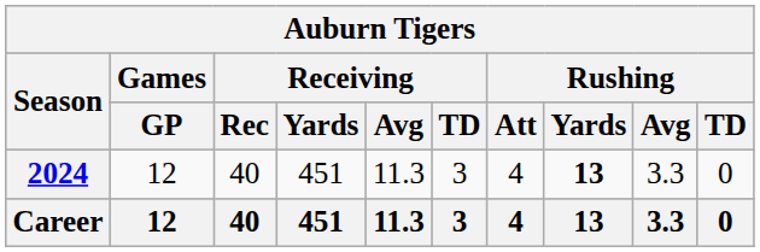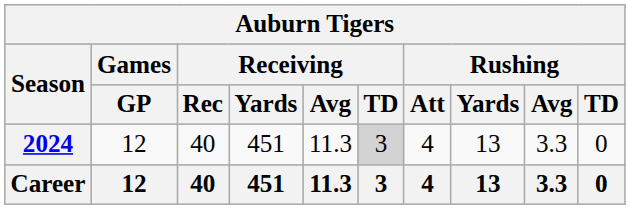 <table class="wikitable" style="text-align:center;">
 <tr>
 <th colspan="11">Auburn Tigers</th>
 </tr>
 <tr>
 <th rowspan="2">Season</th>
 <th>Games</th>
 <th colspan="4">Receiving</th>
 <th colspan="4">Rushing</th>
 </tr>
 <tr>
 <th>GP</th>
 <th>Rec</th>
 <th>Yards</th>
 <th>Avg</th>
 <th>TD</th>
 <th>Att</th>
 <th>Yards</th>
 <th>Avg</th>
 <th>TD</th>
 </tr>
 <tr>
 <th><a href='#'>2024</a></th>
 <td>12</td>
 <td>40</td>
 <td>451</td>
 <td>11.3</td>
-<td>3</td>
+<td style="background: lightgrey;">3</td>
 <td>4</td>
-<td><strong>13</strong></td>
+<td>13</td>
 <td>3.3</td>
 <td>0</td>
 </tr>
 <tr>
 <th>Career</th>
 <th>12</th>
 <th>40</th>
 <th>451</th>
 <th>11.3</th>
 <th>3</th>
 <th>4</th>
 <th>13</th>
 <th>3.3</th>
 <th>0</th>
 </tr>
 </table>
